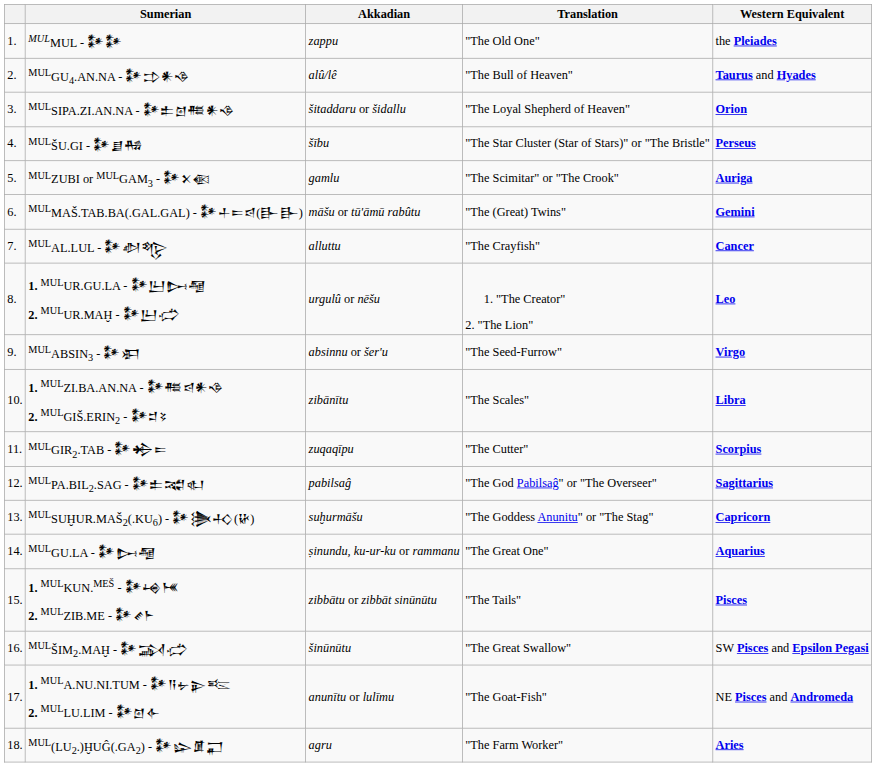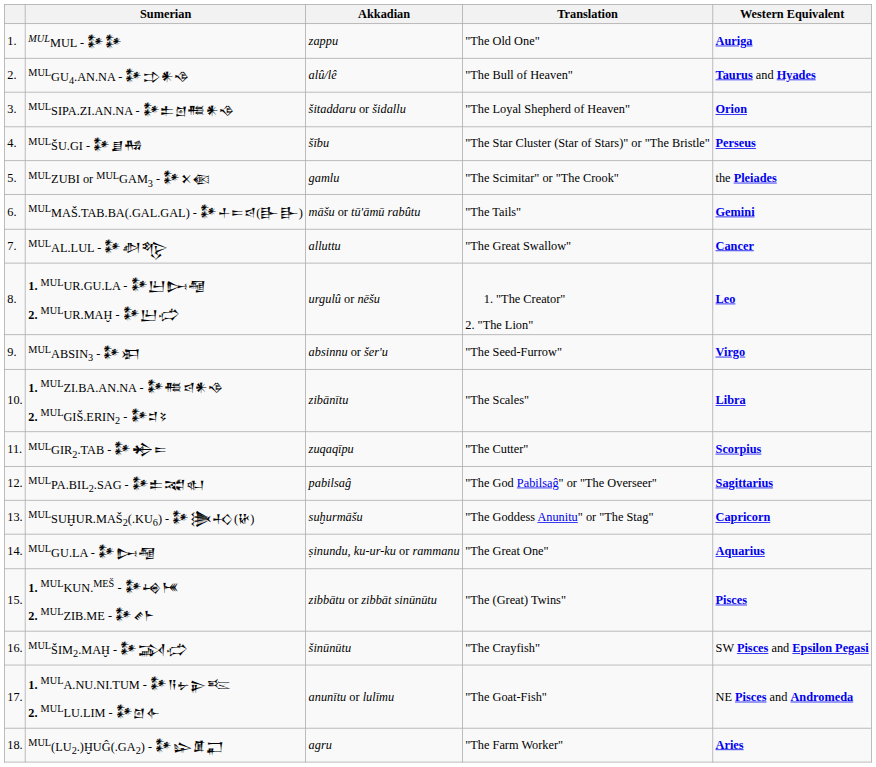 <table class="wikitable">
 <tr>
 <th></th>
 <th>Sumerian</th>
 <th>Akkadian</th>
 <th>Translation</th>
 <th>Western Equivalent</th>
 </tr>
 <tr>
 <td>1.</td>
 <td><sup><em>MUL</em></sup>MUL - 𒀯𒀯</td>
 <td><em>zappu</em></td>
 <td>"The Old One"</td>
-<td>the <strong><a href='#'>Pleiades</a></strong></td>
+<td><a href='#'><strong>Auriga</strong></a></td>
 </tr>
 <tr>
 <td>2.</td>
 <td><sup>MUL</sup>GU<sub>4</sub>.AN.NA - 𒀯𒄞𒀭𒈾</td>
 <td><em>alû/lê</em></td>
 <td>"The Bull of Heaven"</td>
 <td><a href='#'><strong>Taurus</strong></a> and <a href='#'><strong>Hyades</strong></a></td>
 </tr>
 <tr>
 <td>3.</td>
 <td><sup>MUL</sup>SIPA.ZI.AN.NA - 𒀯𒉺𒇻𒍣𒀭𒈾</td>
 <td><em>šitaddaru</em> or <em>šidallu</em></td>
 <td>"The Loyal Shepherd of Heaven"</td>
 <td><a href='#'><strong>Orion</strong></a></td>
 </tr>
 <tr>
 <td>4.</td>
 <td><sup>MUL</sup>ŠU.GI - 𒀯𒋗𒄀</td>
 <td><em>šību</em></td>
 <td>"The Star Cluster (Star of Stars)" or "The Bristle"</td>
 <td><a href='#'><strong>Perseus</strong></a></td>
 </tr>
 <tr>
 <td>5.</td>
 <td><sup>MUL</sup>ZUBI or <sup>MUL</sup>GAM<sub>3</sub> - 𒀯𒉽𒈿</td>
 <td><em>gamlu</em></td>
 <td>"The Scimitar" or "The Crook"</td>
-<td><a href='#'><strong>Auriga</strong></a></td>
+<td>the <strong><a href='#'>Pleiades</a></strong></td>
 </tr>
 <tr>
 <td>6.</td>
 <td><sup>MUL</sup>MAŠ.TAB.BA(.GAL.GAL) - 𒀯𒈦𒋰𒁀(𒃲𒃲)</td>
 <td><em>māšu</em> or <em>tū'āmū rabûtu</em></td>
-<td>"The (Great) Twins"</td>
+<td>"The Tails"</td>
 <td><a href='#'><strong>Gemini</strong></a></td>
 </tr>
 <tr>
 <td>7.</td>
 <td><sup>MUL</sup>AL.LUL - 𒀯𒀠𒈜</td>
 <td><em>alluttu</em></td>
-<td>"The Crayfish"</td>
+<td>"The Great Swallow"</td>
 <td><a href='#'><strong>Cancer</strong></a></td>
 </tr>
 <tr>
 <td>8.</td>
 <td><strong>1.</strong> <sup>MUL</sup>UR.GU.LA - 𒀯𒌨𒄖𒆷<br><strong>2.</strong> <sup>MUL</sup>UR.MAḪ - 𒀯𒌨𒈤</td>
 <td><em>urgulû</em> or <em>nēšu</em></td>
 <td><br><ol><li>"The Creator"</li></ol>2. "The Lion"</td>
 <td><a href='#'><strong>Leo</strong></a></td>
 </tr>
 <tr>
 <td>9.</td>
 <td><sup>MUL</sup>ABSIN<sub>3</sub> - 𒀯𒀳</td>
 <td><em>absinnu</em> or <em>šer'u</em></td>
 <td>"The Seed-Furrow"</td>
 <td><a href='#'><strong>Virgo</strong></a></td>
 </tr>
 <tr>
 <td>10.</td>
 <td><strong>1.</strong> <sup>MUL</sup>ZI.BA.AN.NA - 𒀯𒍣𒁀𒀭𒈾<br><strong>2.</strong> <sup>MUL</sup>GIŠ.ERIN<sub>2</sub> - 𒀯𒄑𒂟</td>
 <td><em>zibānītu</em></td>
 <td>"The Scales"</td>
 <td><a href='#'><strong>Libra</strong></a></td>
 </tr>
 <tr>
 <td>11.</td>
 <td><sup>MUL</sup>GIR<sub>2</sub>.TAB - 𒀯𒄈𒋰</td>
 <td><em>zuqaqīpu</em></td>
 <td>"The Cutter"</td>
 <td><a href='#'><strong>Scorpius</strong></a></td>
 </tr>
 <tr>
 <td>12.</td>
 <td><sup>MUL</sup>PA.BIL<sub>2</sub>.SAG - 𒀯𒉺𒉋𒊕</td>
 <td><em>pabilsaĝ</em></td>
 <td>"The God <a href='#'>Pabilsaĝ</a>" or "The Overseer"</td>
 <td><a href='#'><strong>Sagittarius</strong></a></td>
 </tr>
 <tr>
 <td>13.</td>
 <td><sup>MUL</sup>SUḪUR.MAŠ<sub>2</sub>(.KU<sub>6</sub>) - 𒀯𒋦𒈧(𒄩)</td>
 <td><em>suḫurmāšu</em></td>
 <td>"The Goddess <a href='#'>Anunitu</a>" or "The Stag"</td>
 <td><a href='#'><strong>Capricorn</strong></a></td>
 </tr>
 <tr>
 <td>14.</td>
 <td><sup>MUL</sup>GU.LA - 𒀯𒄖𒆷</td>
 <td><em>ṣinundu, ku-ur-ku</em> or <em>rammanu</em></td>
 <td>"The Great One"</td>
 <td><a href='#'><strong>Aquarius</strong></a></td>
 </tr>
 <tr>
 <td>15.</td>
 <td><strong>1.</strong> <sup>MUL</sup>KUN.<sup>MEŠ</sup> - 𒀯𒆲𒎌<br><strong>2.</strong> <sup>MUL</sup>ZIB.ME - 𒀯𒍦𒈨</td>
 <td><em>zibbātu</em> or <em>zibbāt sinūnūtu</em></td>
-<td>"The Tails"</td>
+<td>"The (Great) Twins"</td>
 <td><a href='#'><strong>Pisces</strong></a></td>
 </tr>
 <tr>
 <td>16.</td>
 <td><sup>MUL</sup>ŠIM<sub>2</sub>.MAḪ - 𒀯𒋆𒈤</td>
 <td><em>šinūnūtu</em></td>
-<td>"The Great Swallow"</td>
+<td>"The Crayfish"</td>
 <td>SW <a href='#'><strong>Pisces</strong></a> and <strong><a href='#'>Epsilon Pegasi</a></strong></td>
 </tr>
 <tr>
 <td>17.</td>
 <td><strong>1.</strong> <sup>MUL</sup>A.NU.NI.TUM - 𒀯𒀀𒉡𒉌𒌈<br><strong>2.</strong> <sup>MUL</sup>LU.LIM - 𒀯𒇻𒅆</td>
 <td><em>anunītu</em> or <em>lulīmu</em></td>
 <td>"The Goat-Fish"</td>
 <td>NE <a href='#'><strong>Pisces</strong></a> and <a href='#'><strong>Andromeda</strong></a></td>
 </tr>
 <tr>
 <td>18.</td>
 <td><sup>MUL</sup>(LU<sub>2</sub>.)ḪUĜ(.GA<sub>2</sub>) - 𒀯𒇽𒂠𒂷</td>
 <td><em>agru</em></td>
 <td>"The Farm Worker"</td>
 <td><a href='#'><strong>Aries</strong></a></td>
 </tr>
 </table>
